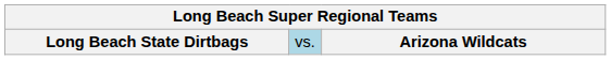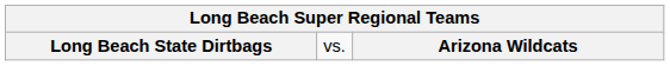 <table class="wikitable">
 <tr>
 <th style="width: 604px;" colspan=3>Long Beach Super Regional Teams</th>
 </tr>
 <tr>
 <th style="width: 289px; ">Long Beach State Dirtbags</th>
-<td style="background: lightblue; width: 25px; text-align:center">vs.</td>
+<td style="width: 25px; text-align:center">vs.</td>
 <th style="width: 289px; ">Arizona Wildcats</th>
 </tr>
 </table>
